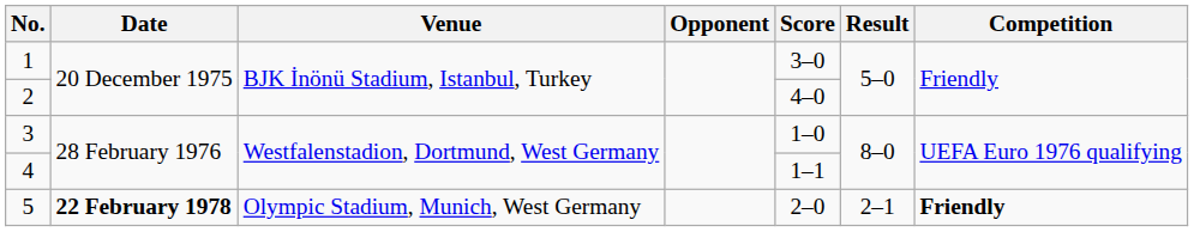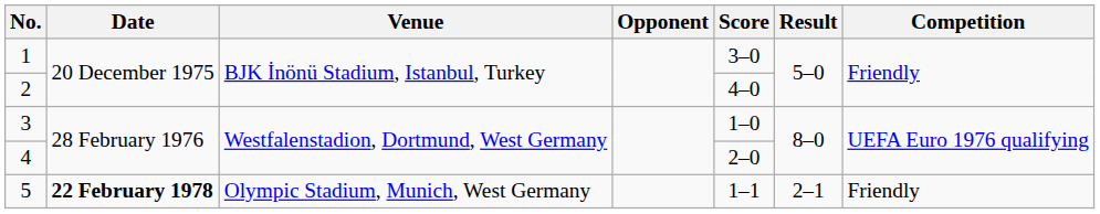 <table class="wikitable sortable">
 <tr>
 <th scope="col">No.</th>
 <th scope="col">Date</th>
 <th scope="col">Venue</th>
 <th scope="col">Opponent</th>
 <th scope="col">Score</th>
 <th scope="col">Result</th>
 <th scope="col">Competition</th>
 </tr>
 <tr>
 <td align="center">1</td>
 <td rowspan="2">20 December 1975</td>
 <td rowspan="2"><a href='#'>BJK İnönü Stadium</a>, <a href='#'>Istanbul</a>, Turkey</td>
 <td rowspan="2"></td>
 <td align="center">3–0</td>
 <td rowspan="2" style="text-align:center">5–0</td>
 <td rowspan="2"><a href='#'>Friendly</a></td>
 </tr>
 <tr>
 <td align="center">2</td>
 <td align="center">4–0</td>
 </tr>
 <tr>
 <td align="center">3</td>
 <td rowspan="2">28 February 1976</td>
 <td rowspan="2"><a href='#'>Westfalenstadion</a>, <a href='#'>Dortmund</a>, <a href='#'>West Germany</a></td>
 <td rowspan="2"></td>
 <td align="center">1–0</td>
 <td rowspan="2" style="text-align:center">8–0</td>
 <td rowspan="2"><a href='#'>UEFA Euro 1976 qualifying</a></td>
 </tr>
 <tr>
 <td align="center">4</td>
-<td align="center">1–1</td>
+<td align="center">2–0</td>
 </tr>
 <tr>
 <td align="center">5</td>
 <td><strong>22 February 1978</strong></td>
 <td><a href='#'>Olympic Stadium</a>, <a href='#'>Munich</a>, West Germany</td>
 <td></td>
-<td align="center">2–0</td>
+<td align="center">1–1</td>
 <td align="center">2–1</td>
-<td><strong>Friendly</strong></td>
+<td>Friendly</td>
 </tr>
 </table>
